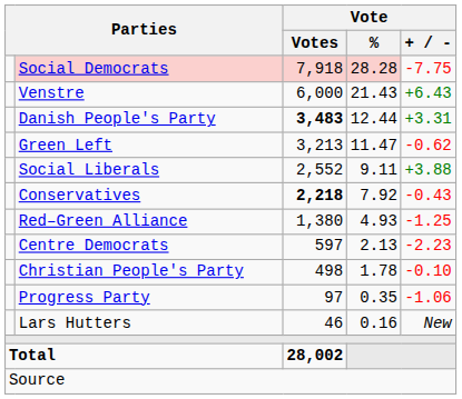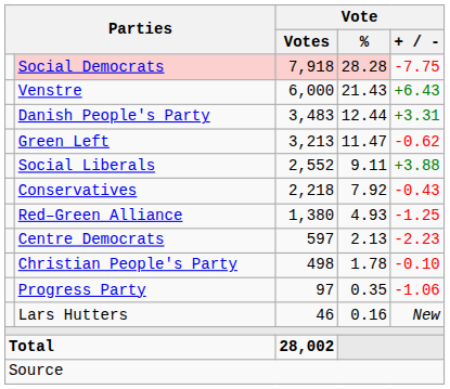 <table class="wikitable" style="text-align:right;">
 <tr>
 <th style="text-align:centre;" rowspan="2" colspan="2" width="225">Parties</th>
 <th colspan="3">Vote</th>
 </tr>
 <tr>
 <th width="15">Votes</th>
 <th width="15">%</th>
 <th width="15">+ / -</th>
 </tr>
 <tr>
 <td width="2" style="color:inherit;background:"></td>
 <td bgcolor=#fbd0ce  align="left"><a href='#'>Social Democrats</a></td>
 <td bgcolor=#fbd0ce>7,918</td>
 <td bgcolor=#fbd0ce>28.28</td>
 <td style=color:red;>-7.75</td>
 </tr>
 <tr>
 <td width="2" style="color:inherit;background:"></td>
 <td align="left"><a href='#'>Venstre</a></td>
 <td>6,000</td>
 <td>21.43</td>
 <td style=color:green;>+6.43</td>
 </tr>
 <tr>
 <td width="2" style="color:inherit;background:"></td>
 <td align="left"><a href='#'>Danish People's Party</a></td>
-<td><strong>3,483</strong></td>
+<td>3,483</td>
 <td>12.44</td>
 <td style=color:green;>+3.31</td>
 </tr>
 <tr>
 <td width="2" style="color:inherit;background:"></td>
 <td align="left"><a href='#'>Green Left</a></td>
 <td>3,213</td>
 <td>11.47</td>
 <td style=color:red;>-0.62</td>
 </tr>
 <tr>
 <td width="2" style="color:inherit;background:"></td>
 <td align="left"><a href='#'>Social Liberals</a></td>
 <td>2,552</td>
 <td>9.11</td>
 <td style=color:green;>+3.88</td>
 </tr>
 <tr>
 <td width="2" style="color:inherit;background:"></td>
 <td align="left"><a href='#'>Conservatives</a></td>
-<td><strong>2,218</strong></td>
+<td>2,218</td>
 <td>7.92</td>
 <td style=color:red;>-0.43</td>
 </tr>
 <tr>
 <td width="2" style="color:inherit;background:"></td>
 <td align="left"><a href='#'>Red–Green Alliance</a></td>
 <td>1,380</td>
 <td>4.93</td>
 <td style=color:red;>-1.25</td>
 </tr>
 <tr>
 <td width="2" style="color:inherit;background:"></td>
 <td align="left"><a href='#'>Centre Democrats</a></td>
 <td>597</td>
 <td>2.13</td>
 <td style=color:red;>-2.23</td>
 </tr>
 <tr>
 <td width="2" style="color:inherit;background:"></td>
 <td align="left"><a href='#'>Christian People's Party</a></td>
 <td>498</td>
 <td>1.78</td>
 <td style=color:red;>-0.10</td>
 </tr>
 <tr>
 <td width="2" style="color:inherit;background:"></td>
 <td align="left"><a href='#'>Progress Party</a></td>
 <td>97</td>
 <td>0.35</td>
 <td style=color:red;>-1.06</td>
 </tr>
 <tr>
 <td width="2" style="color:inherit;background:"></td>
 <td align="left">Lars Hutters</td>
 <td>46</td>
 <td>0.16</td>
 <td><em>New</em></td>
 </tr>
 <tr>
 <td colspan="7" bgcolor="#E9E9E9"></td>
 </tr>
 <tr>
 <td align="left" colspan="2"><strong>Total</strong></td>
 <td><strong>28,002</strong></td>
 <td bgcolor="#E9E9E9" colspan="2"></td>
 </tr>
 <tr>
 <td align="left" colspan="6">Source</td>
 </tr>
 </table>
